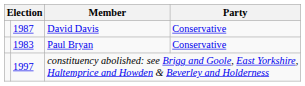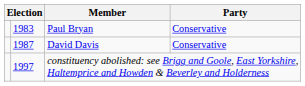 <table class="wikitable">
 <tr>
 <th colspan="2">Election</th>
 <th>Member</th>
 <th>Party</th>
 </tr>
 <tr>
 <td style="color:inherit;background-color:"></td>
-<td><a href='#'>1987</a></td>
-<td><a href='#'>David Davis</a></td>
+<td><a href='#'>1983</a></td>
+<td><a href='#'>Paul Bryan</a></td>
 <td><a href='#'>Conservative</a></td>
 </tr>
 <tr>
 <td style="color:inherit;background-color:"></td>
-<td><a href='#'>1983</a></td>
-<td><a href='#'>Paul Bryan</a></td>
+<td><a href='#'>1987</a></td>
+<td><a href='#'>David Davis</a></td>
 <td><a href='#'>Conservative</a></td>
 </tr>
 <tr>
 <td></td>
 <td><a href='#'>1997</a></td>
 <td colspan="2"><em>constituency abolished: see <a href='#'>Brigg and Goole</a>, <a href='#'>East Yorkshire</a>, <br><a href='#'>Haltemprice and Howden</a> & <a href='#'>Beverley and Holderness</a></em></td>
 </tr>
 </table>
